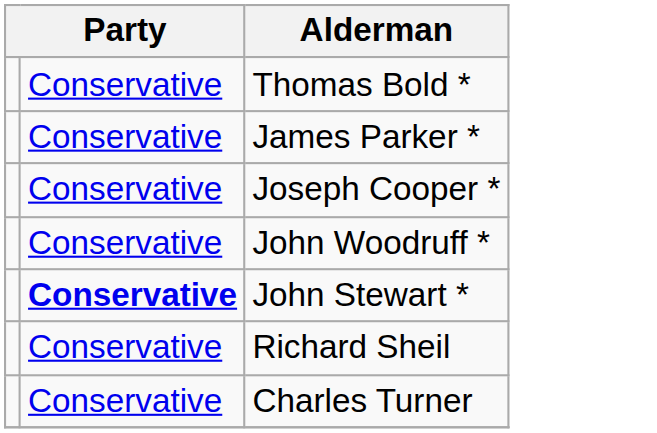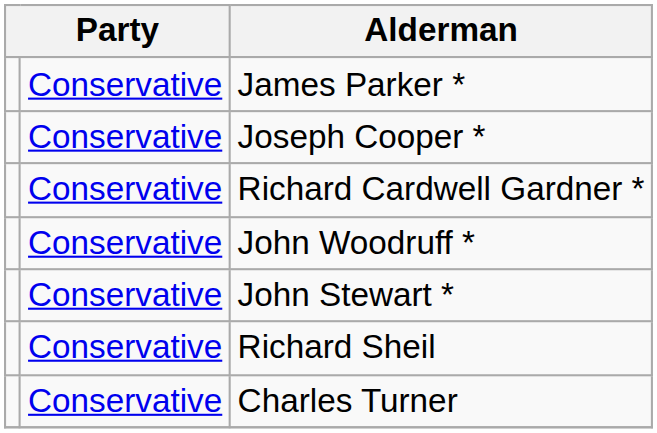 <table class="wikitable">
 <tr>
 <th colspan="2">Party</th>
 <th>Alderman</th>
-</tr>
-<tr>
-<td style="background-color:"></td>
-<td><a href='#'>Conservative</a></td>
-<td>Thomas Bold *</td>
 </tr>
 <tr>
 <td style="background-color:"></td>
 <td><a href='#'>Conservative</a></td>
 <td>James Parker *</td>
 </tr>
 <tr>
 <td style="background-color:"></td>
 <td><a href='#'>Conservative</a></td>
 <td>Joseph Cooper *</td>
 </tr>
 <tr>
 <td style="background-color:"></td>
 <td><a href='#'>Conservative</a></td>
+<td>Richard Cardwell Gardner *</td>
+</tr>
+<tr>
+<td style="background-color:"></td>
+<td><a href='#'>Conservative</a></td>
 <td>John Woodruff *</td>
 </tr>
 <tr>
 <td style="background-color:"></td>
-<td><strong><a href='#'>Conservative</a></strong></td>
+<td><a href='#'>Conservative</a></td>
 <td>John Stewart *</td>
 </tr>
 <tr>
 <td style="background-color:"></td>
 <td><a href='#'>Conservative</a></td>
 <td>Richard Sheil</td>
 </tr>
 <tr>
 <td style="background-color:"></td>
 <td><a href='#'>Conservative</a></td>
 <td>Charles Turner</td>
 </tr>
 <tr>
 </tr>
 </table>
